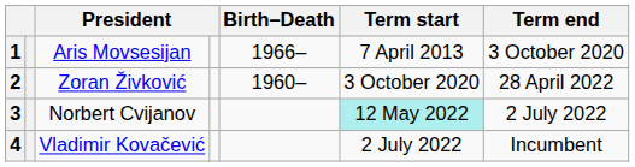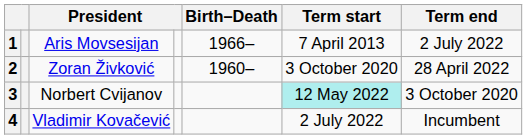 <table class="wikitable" style="text-align:center">
 <tr>
 <th colspan="2"></th>
 <th colspan="2">President</th>
 <th>Birth–Death</th>
 <th>Term start</th>
 <th>Term end</th>
 </tr>
 <tr>
 <th>1</th>
 <th style="background:"></th>
 <td><a href='#'>Aris Movsesijan</a></td>
 <td></td>
 <td>1966–</td>
 <td>7 April 2013</td>
-<td>3 October 2020</td>
+<td>2 July 2022</td>
 </tr>
 <tr>
 <th>2</th>
 <th style="background:"></th>
 <td><a href='#'>Zoran Živković</a></td>
 <td></td>
 <td>1960–</td>
 <td>3 October 2020</td>
 <td>28 April 2022</td>
 </tr>
 <tr>
 <th>3</th>
 <th style="background:"></th>
 <td>Norbert Cvijanov</td>
 <td></td>
 <td></td>
 <td style="background: paleturquoise;">12 May 2022</td>
-<td>2 July 2022</td>
+<td>3 October 2020</td>
 </tr>
 <tr>
 <th>4</th>
 <th style="background:"></th>
 <td><a href='#'>Vladimir Kovačević</a></td>
 <td></td>
 <td></td>
 <td>2 July 2022</td>
 <td>Incumbent</td>
 </tr>
 </table>
